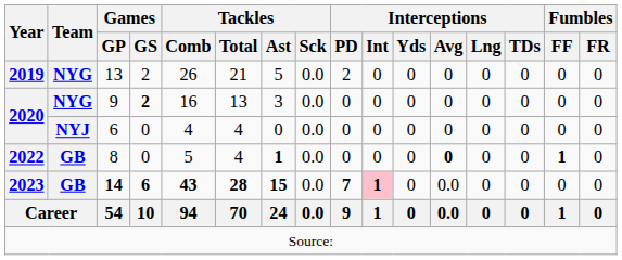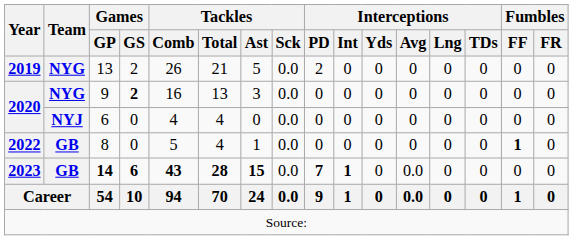 <table class="wikitable" style="text-align: center;">
 <tr>
 <th rowspan="2">Year</th>
 <th rowspan="2">Team</th>
 <th colspan="2">Games</th>
 <th colspan="4">Tackles</th>
 <th colspan="6">Interceptions</th>
 <th colspan="2">Fumbles</th>
 </tr>
 <tr>
 <th>GP</th>
 <th>GS</th>
 <th>Comb</th>
 <th>Total</th>
 <th>Ast</th>
 <th>Sck</th>
 <th>PD</th>
 <th>Int</th>
 <th>Yds</th>
 <th>Avg</th>
 <th>Lng</th>
 <th>TDs</th>
 <th>FF</th>
 <th>FR</th>
 </tr>
 <tr>
 <th><a href='#'>2019</a></th>
 <th><a href='#'>NYG</a></th>
 <td>13</td>
 <td>2</td>
 <td>26</td>
 <td>21</td>
 <td>5</td>
 <td>0.0</td>
 <td>2</td>
 <td>0</td>
 <td>0</td>
 <td>0</td>
 <td>0</td>
 <td>0</td>
 <td>0</td>
 <td>0</td>
 </tr>
 <tr>
 <th rowspan=2><a href='#'>2020</a></th>
 <th><a href='#'>NYG</a></th>
 <td>9</td>
 <td><strong>2</strong></td>
 <td>16</td>
 <td>13</td>
 <td>3</td>
 <td>0.0</td>
 <td>0</td>
 <td>0</td>
 <td>0</td>
 <td>0</td>
 <td>0</td>
 <td>0</td>
 <td>0</td>
 <td>0</td>
 </tr>
 <tr>
 <th><a href='#'>NYJ</a></th>
 <td>6</td>
 <td>0</td>
 <td>4</td>
 <td>4</td>
 <td>0</td>
 <td>0.0</td>
 <td>0</td>
 <td>0</td>
 <td>0</td>
 <td>0</td>
 <td>0</td>
 <td>0</td>
 <td>0</td>
 <td>0</td>
 </tr>
 <tr>
 <th><a href='#'>2022</a></th>
 <th><a href='#'>GB</a></th>
 <td>8</td>
 <td>0</td>
 <td>5</td>
 <td>4</td>
-<td><strong>1</strong></td>
+<td>1</td>
 <td>0.0</td>
 <td>0</td>
 <td>0</td>
 <td>0</td>
-<td><strong>0</strong></td>
+<td>0</td>
 <td>0</td>
 <td>0</td>
 <td><strong>1</strong></td>
 <td>0</td>
 </tr>
 <tr>
 <th><a href='#'>2023</a></th>
 <th><a href='#'>GB</a></th>
 <td><strong>14</strong></td>
 <td><strong>6</strong></td>
 <td><strong>43</strong></td>
 <td><strong>28</strong></td>
 <td><strong>15</strong></td>
 <td>0.0</td>
 <td><strong>7</strong></td>
-<td style="background: pink;"><strong>1</strong></td>
+<td><strong>1</strong></td>
 <td>0</td>
 <td>0.0</td>
 <td>0</td>
 <td>0</td>
 <td>0</td>
 <td>0</td>
 </tr>
 <tr>
 <th colspan="2">Career</th>
 <th>54</th>
 <th>10</th>
 <th>94</th>
 <th>70</th>
 <th>24</th>
 <th>0.0</th>
 <th>9</th>
 <th>1</th>
 <th>0</th>
 <th>0.0</th>
 <th>0</th>
 <th>0</th>
 <th>1</th>
 <th>0</th>
 </tr>
 <tr>
 <td colspan="18"><small>Source: </small></td>
 </tr>
 </table>
